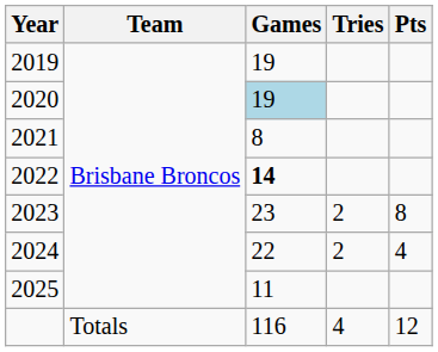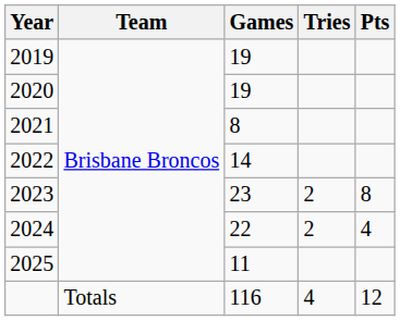 <table class="wikitable">
 <tr>
 <th>Year</th>
 <th>Team</th>
 <th>Games</th>
 <th>Tries</th>
 <th>Pts</th>
 </tr>
 <tr>
 <td>2019</td>
 <td rowspan="7"> <a href='#'>Brisbane Broncos</a></td>
 <td>19</td>
 <td></td>
 <td></td>
 </tr>
 <tr>
 <td>2020</td>
-<td style="background: lightblue;">19</td>
+<td>19</td>
 <td></td>
 <td></td>
 </tr>
 <tr>
 <td>2021</td>
 <td>8</td>
 <td></td>
 <td></td>
 </tr>
 <tr>
 <td>2022</td>
-<td><strong>14</strong></td>
+<td>14</td>
 <td></td>
 <td></td>
 </tr>
 <tr>
 <td>2023</td>
 <td>23</td>
 <td>2</td>
 <td>8</td>
 </tr>
 <tr>
 <td>2024</td>
 <td>22</td>
 <td>2</td>
 <td>4</td>
 </tr>
 <tr>
 <td>2025</td>
 <td>11</td>
 <td></td>
 <td></td>
 </tr>
 <tr>
 <td></td>
 <td>Totals</td>
 <td>116</td>
 <td>4</td>
 <td>12</td>
 </tr>
 </table>
